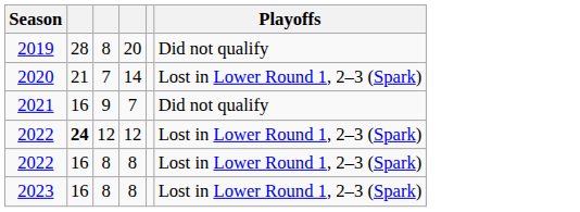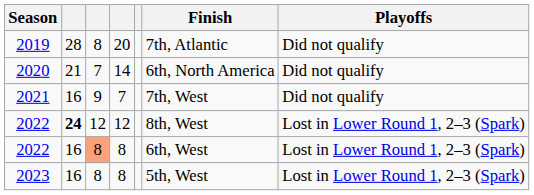 <table class="wikitable" style="text-align:center;">
 <tr>
 <th style="background:#">Season</th>
 <th style="background:#"></th>
 <th style="background:#"></th>
 <th style="background:#"></th>
 <th style="background:#"></th>
+<th style="background:#">Finish</th>
 <th style="background:#">Playoffs</th>
 </tr>
 <tr>
 <td><a href='#'>2019</a></td>
 <td>28</td>
 <td>8</td>
 <td>20</td>
 <td></td>
+<td style="text-align:left">7th, Atlantic</td>
 <td style="text-align:left">Did not qualify</td>
 </tr>
 <tr>
 <td><a href='#'>2020</a></td>
 <td>21</td>
 <td>7</td>
 <td>14</td>
 <td></td>
-<td style="text-align:left">Lost in <a href='#'>Lower Round 1</a>, 2–3 (<a href='#'>Spark</a>)</td>
+<td style="text-align:left">6th, North America</td>
+<td style="text-align:left">Did not qualify</td>
 </tr>
 <tr>
 <td><a href='#'>2021</a></td>
 <td>16</td>
 <td>9</td>
 <td>7</td>
 <td></td>
+<td style="text-align:left">7th, West</td>
 <td style="text-align:left">Did not qualify</td>
 </tr>
 <tr>
 <td><a href='#'>2022</a></td>
 <td><strong>24</strong></td>
 <td>12</td>
 <td>12</td>
 <td></td>
+<td style="text-align:left">8th, West</td>
 <td style="text-align:left">Lost in <a href='#'>Lower Round 1</a>, 2–3 (<a href='#'>Spark</a>)</td>
 </tr>
 <tr>
 <td><a href='#'>2022</a></td>
 <td>16</td>
-<td>8</td>
+<td style="background: lightsalmon;">8</td>
 <td>8</td>
 <td></td>
+<td style="text-align:left">6th, West</td>
 <td style="text-align:left">Lost in <a href='#'>Lower Round 1</a>, 2–3 (<a href='#'>Spark</a>)</td>
 </tr>
 <tr>
 <td><a href='#'>2023</a></td>
 <td>16</td>
 <td>8</td>
 <td>8</td>
 <td></td>
+<td style="text-align:left">5th, West</td>
 <td style="text-align:left">Lost in <a href='#'>Lower Round 1</a>, 2–3 (<a href='#'>Spark</a>)</td>
 </tr>
 </table>
